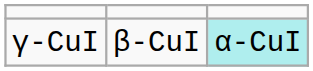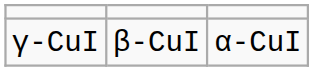 <table class="wikitable" style="margin:1em auto; text-align:center;">
 <tr>
 <td></td>
 <td></td>
 <td></td>
 </tr>
 <tr>
 <td>γ-CuI</td>
 <td>β-CuI</td>
-<td style="background: paleturquoise;">α-CuI</td>
+<td>α-CuI</td>
 </tr>
 </table>
